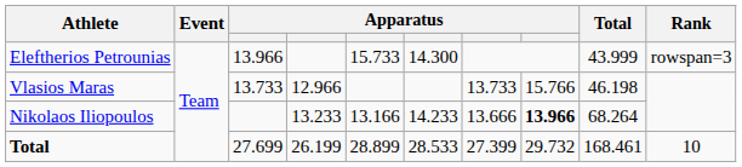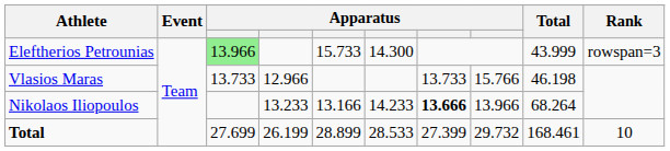 <table class="wikitable" style="font-size:90%">
 <tr>
 <th rowspan=3>Athlete</th>
 <th rowspan=3>Event</th>
 </tr>
 <tr style="font-size:95%">
 <th colspan=6>Apparatus</th>
 <th rowspan=2>Total</th>
 <th rowspan=2>Rank</th>
 </tr>
 <tr style="font-size:95%">
 <th></th>
 <th></th>
 <th></th>
 <th></th>
 <th></th>
 <th></th>
 </tr>
 <tr align=center>
 <td align=left><a href='#'>Eleftherios Petrounias</a></td>
 <td align=left rowspan=4><a href='#'>Team</a></td>
-<td>13.966</td>
+<td style="background: lightgreen;">13.966</td>
 <td></td>
 <td>15.733</td>
 <td>14.300</td>
 <td colspan=2></td>
 <td>43.999</td>
 <td>rowspan=3 </td>
 </tr>
 <tr align=center>
 <td align=left><a href='#'>Vlasios Maras</a></td>
 <td>13.733</td>
 <td>12.966</td>
 <td></td>
 <td></td>
 <td>13.733</td>
 <td>15.766</td>
 <td>46.198</td>
 </tr>
 <tr align=center>
 <td align=left><a href='#'>Nikolaos Iliopoulos</a></td>
 <td></td>
 <td>13.233</td>
 <td>13.166</td>
 <td>14.233</td>
-<td>13.666</td>
-<td><strong>13.966</strong></td>
+<td><strong>13.666</strong></td>
+<td>13.966</td>
 <td>68.264</td>
 </tr>
 <tr align=center>
 <td align=left><strong>Total</strong></td>
 <td>27.699</td>
 <td>26.199</td>
 <td>28.899</td>
 <td>28.533</td>
 <td>27.399</td>
 <td>29.732</td>
 <td>168.461</td>
 <td>10</td>
 </tr>
 </table>
